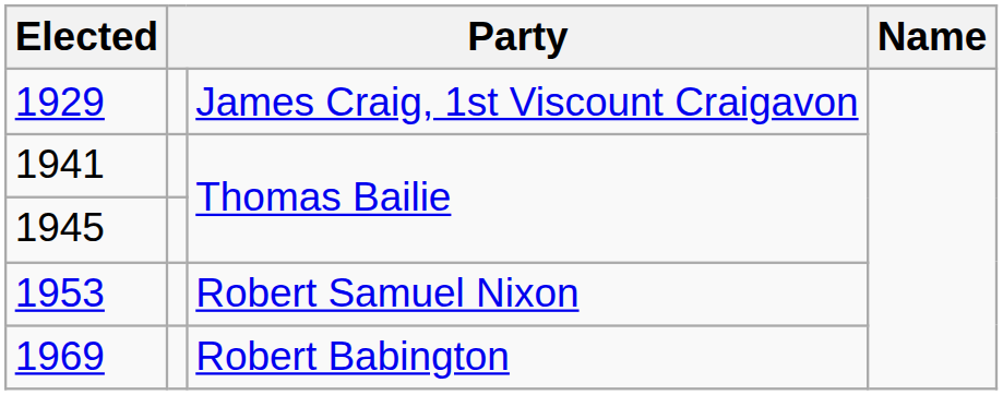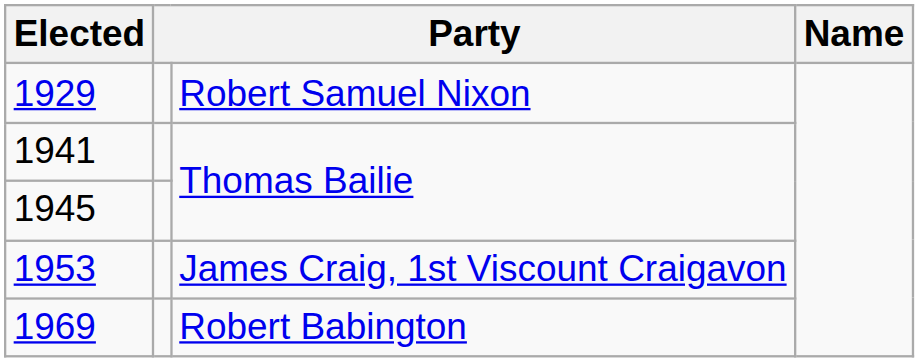 <table class="wikitable">
 <tr>
 <th>Elected</th>
 <th colspan=2>Party</th>
 <th>Name</th>
 </tr>
 <tr>
 <td><a href='#'>1929</a></td>
 <td></td>
-<td><a href='#'>James Craig, 1st Viscount Craigavon</a></td>
+<td><a href='#'>Robert Samuel Nixon</a></td>
 </tr>
 <tr>
 <td>1941</td>
 <td></td>
 <td rowspan=2><a href='#'>Thomas Bailie</a></td>
 </tr>
 <tr>
 <td>1945</td>
 <td></td>
 </tr>
 <tr>
 <td><a href='#'>1953</a></td>
 <td></td>
-<td><a href='#'>Robert Samuel Nixon</a></td>
+<td><a href='#'>James Craig, 1st Viscount Craigavon</a></td>
 </tr>
 <tr>
 <td><a href='#'>1969</a></td>
 <td></td>
 <td><a href='#'>Robert Babington</a></td>
 </tr>
 </table>
